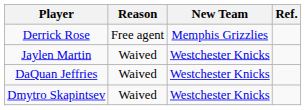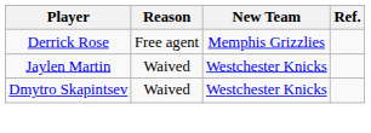 <table class="wikitable sortable sortable" style="text-align: center">
 <tr>
 <th>Player</th>
 <th>Reason</th>
 <th>New Team</th>
 <th>Ref.</th>
 </tr>
 <tr>
 <td><a href='#'>Derrick Rose</a></td>
 <td>Free agent</td>
 <td><a href='#'>Memphis Grizzlies</a></td>
 <td></td>
 </tr>
 <tr>
 <td><a href='#'>Jaylen Martin</a></td>
 <td>Waived</td>
 <td><a href='#'>Westchester Knicks</a></td>
 <td></td>
 </tr>
 <tr>
-<td><a href='#'>DaQuan Jeffries</a></td>
-<td>Waived</td>
-<td><a href='#'>Westchester Knicks</a></td>
-<td></td>
-</tr>
-<tr>
 <td><a href='#'>Dmytro Skapintsev</a></td>
 <td>Waived</td>
 <td><a href='#'>Westchester Knicks</a></td>
 <td></td>
 </tr>
 </table>
